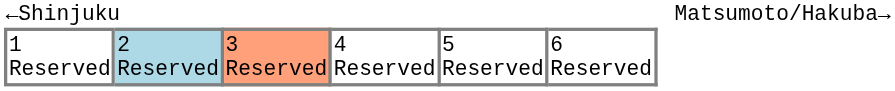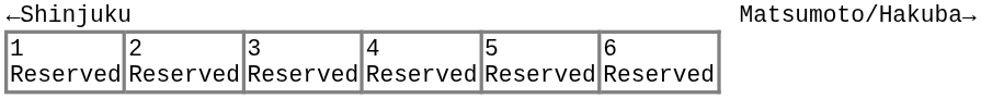 <table table border=0 cellspacing=0 cellpadding=1>
 <tr>
 <td colspan=6 align=lift>←Shinjuku</td>
 <td> </td>
 <td colspan="6" style="text-align:right;">Matsumoto/Hakuba→</td>
 </tr>
 <tr>
 <td style="width:40px; border-top:solid 2px gray; border-left:solid 2px gray; border-bottom:solid 2px gray; border-right:solid 2px gray;">1<br>Reserved</td>
-<td style="background: lightblue; width:40px; border-top:solid 2px gray; border-bottom:solid 2px gray; border-right:solid 2px gray;">2<br>Reserved</td>
-<td style="background: lightsalmon; width:40px; border-top:solid 2px gray; border-bottom:solid 2px gray; border-right:solid 2px gray;">3<br>Reserved</td>
+<td style="width:40px; border-top:solid 2px gray; border-bottom:solid 2px gray; border-right:solid 2px gray;">2<br>Reserved</td>
+<td style="width:40px; border-top:solid 2px gray; border-bottom:solid 2px gray; border-right:solid 2px gray;">3<br>Reserved</td>
 <td style="width:40px; border-top:solid 2px gray; border-bottom:solid 2px gray; border-right:solid 2px gray;">4<br>Reserved</td>
 <td style="width:40px; border-top:solid 2px gray; border-bottom:solid 2px gray; border-right:solid 2px gray;">5<br>Reserved</td>
 <td style="width:40px; border-top:solid 2px gray; border-bottom:solid 2px gray; border-right:solid 2px gray;">6<br>Reserved</td>
 </tr>
 </table>
